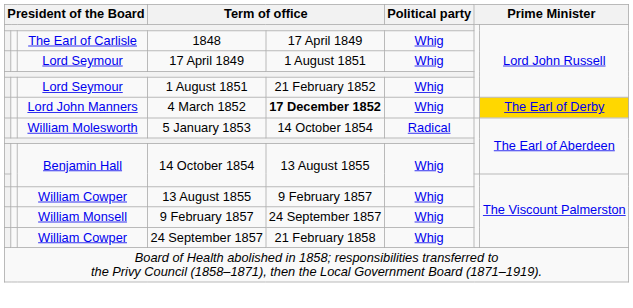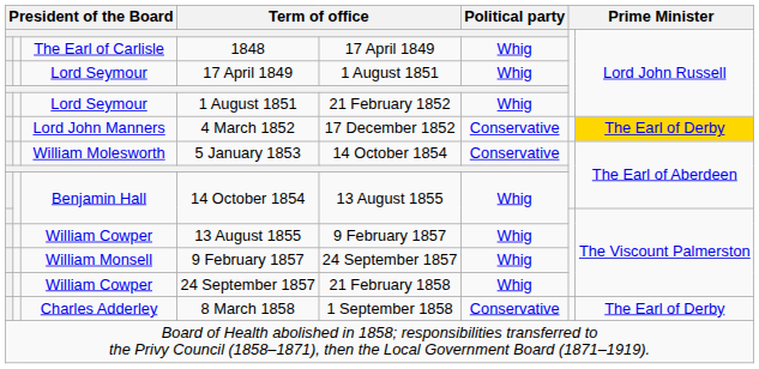 <table class="wikitable" style="text-align:center">
 <tr>
 <th colspan=3>President of the Board</th>
 <th colspan=2>Term of office</th>
 <th>Political party</th>
 <th colspan=2>Prime Minister</th>
 </tr>
 <tr>
 <th colspan=6></th>
 <td rowspan=5 style="background-color:"></td>
 <td rowspan=5><a href='#'>Lord John Russell</a></td>
 </tr>
 <tr style="height:1em">
 <th style="background-color:"></th>
 <td></td>
 <td><a href='#'>The Earl of Carlisle</a></td>
 <td>1848</td>
 <td>17 April 1849</td>
 <td><a href='#'>Whig</a></td>
 </tr>
 <tr style="height:1em">
 <th style="background-color:"></th>
 <td></td>
 <td><a href='#'>Lord Seymour</a><br></td>
 <td>17 April 1849</td>
 <td>1 August 1851</td>
 <td><a href='#'>Whig</a></td>
 </tr>
 <tr>
 <th colspan=6></th>
 </tr>
 <tr style="height:1em">
 <th style="background-color:"></th>
 <td></td>
 <td><a href='#'>Lord Seymour</a><br></td>
 <td>1 August 1851</td>
 <td>21 February 1852</td>
 <td><a href='#'>Whig</a></td>
 </tr>
 <tr style="height:1em">
 <th style="background-color:"></th>
 <td></td>
 <td><a href='#'>Lord John Manners</a><br></td>
 <td>4 March 1852</td>
-<td><strong>17 December 1852</strong></td>
-<td><a href='#'>Whig</a></td>
+<td>17 December 1852</td>
+<td><a href='#'>Conservative</a></td>
 <td style="background-color:"></td>
 <td style="background: gold;"><a href='#'>The Earl of Derby</a></td>
 </tr>
 <tr style="height:1em">
 <th style="background-color:"></th>
 <td></td>
 <td><a href='#'>William Molesworth</a><br></td>
 <td>5 January 1853</td>
 <td>14 October 1854</td>
-<td><a href='#'>Radical</a></td>
+<td><a href='#'>Conservative</a></td>
 <td rowspan=3 style="background-color:"></td>
 <td rowspan=3><a href='#'>The Earl of Aberdeen</a><br></td>
 </tr>
 <tr>
 <th colspan=6></th>
 </tr>
 <tr style="height:1em">
 <th height=30 style="background-color:"></th>
 <td rowspan=2></td>
 <td rowspan=2><a href='#'>Benjamin Hall</a><br></td>
 <td rowspan=2>14 October 1854</td>
 <td rowspan=2>13 August 1855</td>
 <td rowspan=2><a href='#'>Whig</a></td>
 </tr>
 <tr style="height:1em">
 <th style="background-color:"></th>
 <td rowspan=4 style="background-color:"></td>
 <td rowspan=4><a href='#'>The Viscount Palmerston</a></td>
 </tr>
 <tr style="height:1em">
 <th style="background-color:"></th>
 <td></td>
 <td><a href='#'>William Cowper</a><br></td>
 <td>13 August 1855</td>
 <td>9 February 1857</td>
 <td><a href='#'>Whig</a></td>
 </tr>
 <tr style="height:1em">
 <th style="background-color:"></th>
 <td></td>
 <td><a href='#'>William Monsell</a><br></td>
 <td>9 February 1857</td>
 <td>24 September 1857</td>
 <td><a href='#'>Whig</a></td>
 </tr>
 <tr style="height:1em">
 <th style="background-color:"></th>
 <td></td>
 <td><a href='#'>William Cowper</a><br></td>
 <td>24 September 1857</td>
 <td>21 February 1858</td>
 <td><a href='#'>Whig</a></td>
 </tr>
+<tr style="height:1em">
+<th style="background-color:"></th>
+<td></td>
+<td><a href='#'>Charles Adderley</a><br></td>
+<td>8 March 1858</td>
+<td>1 September 1858</td>
+<td><a href='#'>Conservative</a></td>
+<td style="background-color:"></td>
+<td><a href='#'>The Earl of Derby</a></td>
+</tr>
 <tr>
 <td colspan=8 style="width:10px"><em>Board of Health abolished in 1858; responsibilities transferred to<br>the Privy Council (1858–1871), then the Local Government Board (1871–1919).</em></td>
 </tr>
 </table>
